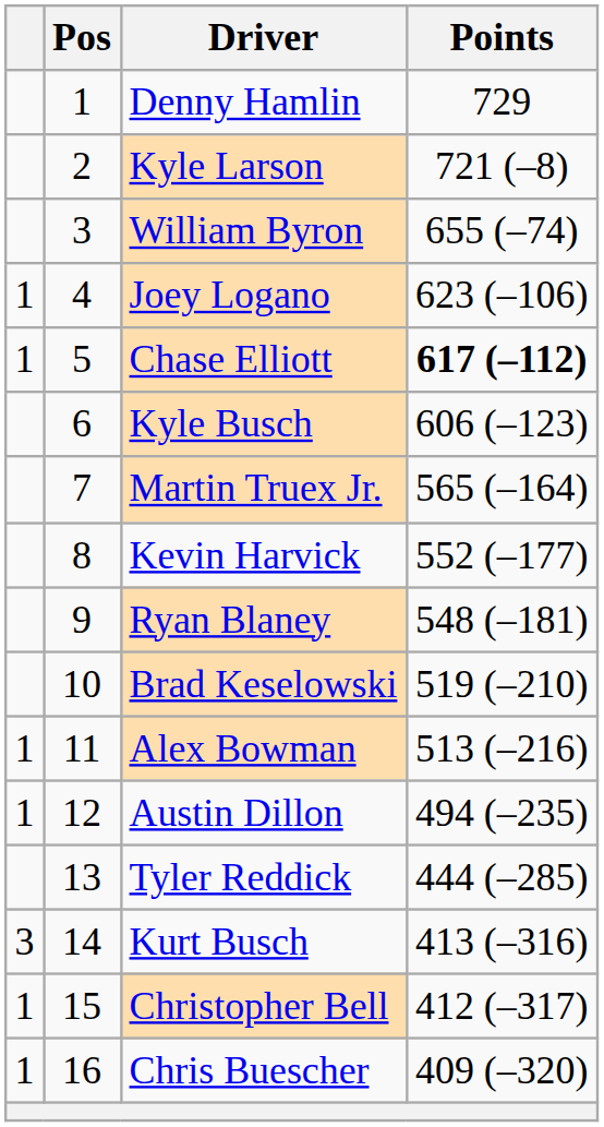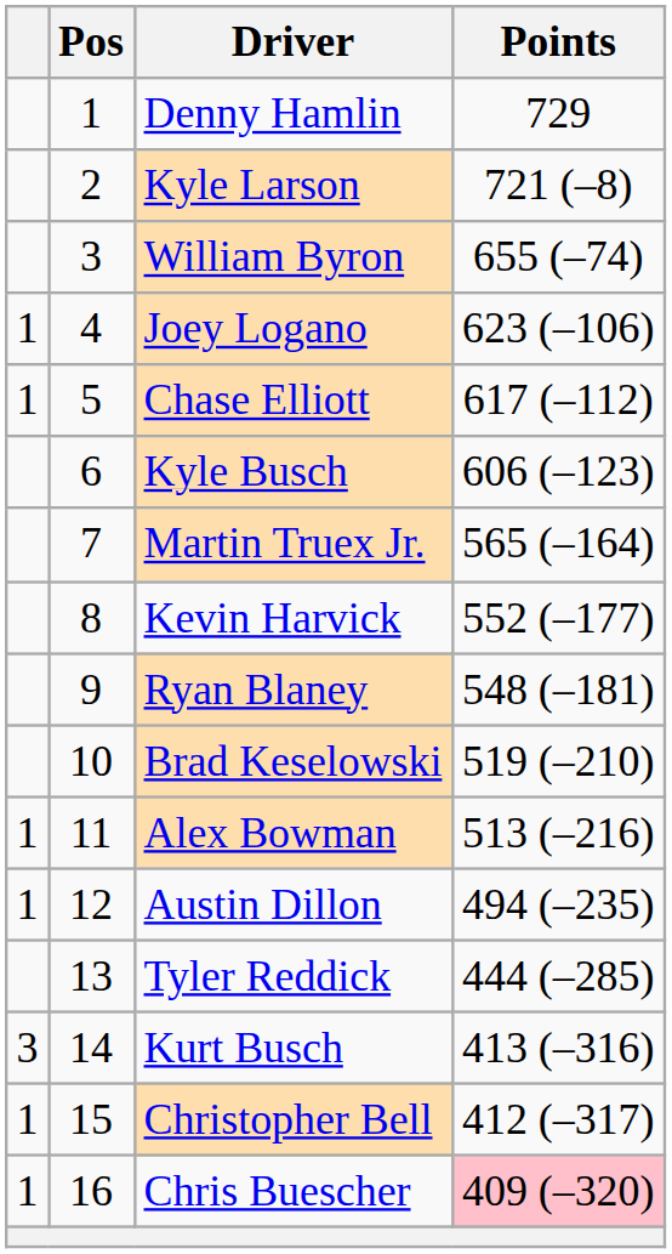 <table class="wikitable" style="font-size: 95%">
 <tr>
 <th></th>
 <th>Pos</th>
 <th>Driver</th>
 <th>Points</th>
 </tr>
 <tr>
 <td align="left"></td>
 <td style="text-align:center;">1</td>
 <td><a href='#'>Denny Hamlin</a></td>
 <td style="text-align:center;">729</td>
 </tr>
 <tr>
 <td align="left"></td>
 <td style="text-align:center;">2</td>
 <td style="background:#FFDEAD;"><a href='#'>Kyle Larson</a></td>
 <td style="text-align:center;">721 (–8)</td>
 </tr>
 <tr>
 <td align="left"></td>
 <td style="text-align:center;">3</td>
 <td style="background:#FFDEAD;"><a href='#'>William Byron</a></td>
 <td style="text-align:center;">655 (–74)</td>
 </tr>
 <tr>
 <td align="left"> 1</td>
 <td style="text-align:center;">4</td>
 <td style="background:#FFDEAD;"><a href='#'>Joey Logano</a></td>
 <td style="text-align:center;">623 (–106)</td>
 </tr>
 <tr>
 <td align="left"> 1</td>
 <td style="text-align:center;">5</td>
 <td style="background:#FFDEAD;"><a href='#'>Chase Elliott</a></td>
-<td style="text-align:center;"><strong>617 (–112)</strong></td>
+<td style="text-align:center;">617 (–112)</td>
 </tr>
 <tr>
 <td align="left"></td>
 <td style="text-align:center;">6</td>
 <td style="background:#FFDEAD;"><a href='#'>Kyle Busch</a></td>
 <td style="text-align:center;">606 (–123)</td>
 </tr>
 <tr>
 <td align="left"></td>
 <td style="text-align:center;">7</td>
 <td style="background:#FFDEAD;"><a href='#'>Martin Truex Jr.</a></td>
 <td style="text-align:center;">565 (–164)</td>
 </tr>
 <tr>
 <td align="left"></td>
 <td style="text-align:center;">8</td>
 <td><a href='#'>Kevin Harvick</a></td>
 <td style="text-align:center;">552 (–177)</td>
 </tr>
 <tr>
 <td align="left"></td>
 <td style="text-align:center;">9</td>
 <td style="background:#FFDEAD;"><a href='#'>Ryan Blaney</a></td>
 <td style="text-align:center;">548 (–181)</td>
 </tr>
 <tr>
 <td align="left"></td>
 <td style="text-align:center;">10</td>
 <td style="background:#FFDEAD;"><a href='#'>Brad Keselowski</a></td>
 <td style="text-align:center;">519 (–210)</td>
 </tr>
 <tr>
 <td align="left"> 1</td>
 <td style="text-align:center;">11</td>
 <td style="background:#FFDEAD;"><a href='#'>Alex Bowman</a></td>
 <td style="text-align:center;">513 (–216)</td>
 </tr>
 <tr>
 <td align="left"> 1</td>
 <td style="text-align:center;">12</td>
 <td><a href='#'>Austin Dillon</a></td>
 <td style="text-align:center;">494 (–235)</td>
 </tr>
 <tr>
 <td align="left"></td>
 <td style="text-align:center;">13</td>
 <td><a href='#'>Tyler Reddick</a></td>
 <td style="text-align:center;">444 (–285)</td>
 </tr>
 <tr>
 <td align="left"> 3</td>
 <td style="text-align:center;">14</td>
 <td><a href='#'>Kurt Busch</a></td>
 <td style="text-align:center;">413 (–316)</td>
 </tr>
 <tr>
 <td align="left"> 1</td>
 <td style="text-align:center;">15</td>
 <td style="background:#FFDEAD;"><a href='#'>Christopher Bell</a></td>
 <td style="text-align:center;">412 (–317)</td>
 </tr>
 <tr>
 <td align="left"> 1</td>
 <td style="text-align:center;">16</td>
 <td><a href='#'>Chris Buescher</a></td>
-<td style="text-align:center;">409 (–320)</td>
+<td style="background: pink; text-align:center;">409 (–320)</td>
 </tr>
 <tr class="sortbottom">
 <th colspan="9"></th>
 </tr>
 </table>
